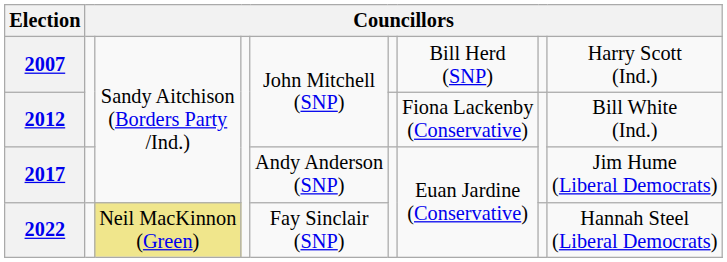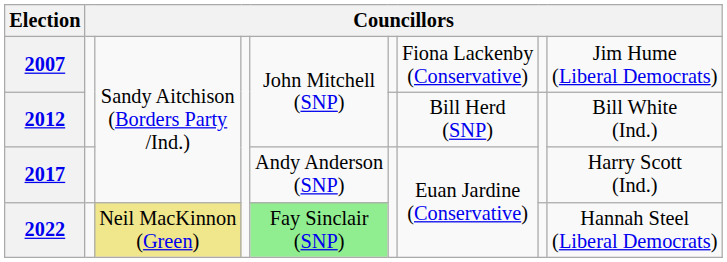 <table class="wikitable" style="text-align:center">
 <tr>
 <th>Election</th>
 <th colspan=8>Councillors</th>
 </tr>
 <tr>
 <th><a href='#'>2007</a></th>
 <td rowspan=2; style="background-color: "></td>
 <td rowspan=3>Sandy Aitchison<br>(<a href='#'>Borders Party</a><br>/Ind.)</td>
 <td rowspan=4; style="background-color: "></td>
 <td rowspan=2>John Mitchell<br>(<a href='#'>SNP</a>)</td>
 <td rowspan=1; style="background-color: "></td>
-<td rowspan=1>Bill Herd<br>(<a href='#'>SNP</a>)</td>
+<td rowspan=1>Fiona Lackenby<br>(<a href='#'>Conservative</a>)</td>
 <td rowspan=1; style="background-color: "></td>
-<td rowspan=1>Harry Scott<br>(Ind.)</td>
+<td rowspan=1>Jim Hume<br>(<a href='#'>Liberal Democrats</a>)</td>
 </tr>
 <tr>
 <th><a href='#'>2012</a></th>
 <td rowspan=1; style="background-color: "></td>
-<td rowspan=1>Fiona Lackenby<br>(<a href='#'>Conservative</a>)</td>
+<td rowspan=1>Bill Herd<br>(<a href='#'>SNP</a>)</td>
 <td rowspan=2; style="background-color: "></td>
 <td rowspan=1>Bill White<br>(Ind.)</td>
 </tr>
 <tr>
 <th><a href='#'>2017</a></th>
 <td rowspan=1; style="background-color: "></td>
 <td rowspan=1>Andy Anderson<br>(<a href='#'>SNP</a>)</td>
 <td rowspan=2; style="background-color: "></td>
 <td rowspan=2>Euan Jardine<br>(<a href='#'>Conservative</a>)</td>
-<td rowspan=1>Jim Hume<br>(<a href='#'>Liberal Democrats</a>)</td>
+<td rowspan=1>Harry Scott<br>(Ind.)</td>
 </tr>
 <tr>
 <th><a href='#'>2022</a></th>
 <td rowspan=1; style="background-color: "></td>
 <td rowspan=1 style="background: khaki;">Neil MacKinnon<br>(<a href='#'>Green</a>)</td>
-<td rowspan=1>Fay Sinclair<br>(<a href='#'>SNP</a>)</td>
+<td rowspan=1 style="background: lightgreen;">Fay Sinclair<br>(<a href='#'>SNP</a>)</td>
 <td rowspan=1; style="background-color: "></td>
 <td rowspan=1>Hannah Steel<br>(<a href='#'>Liberal Democrats</a>)</td>
 </tr>
 </table>
